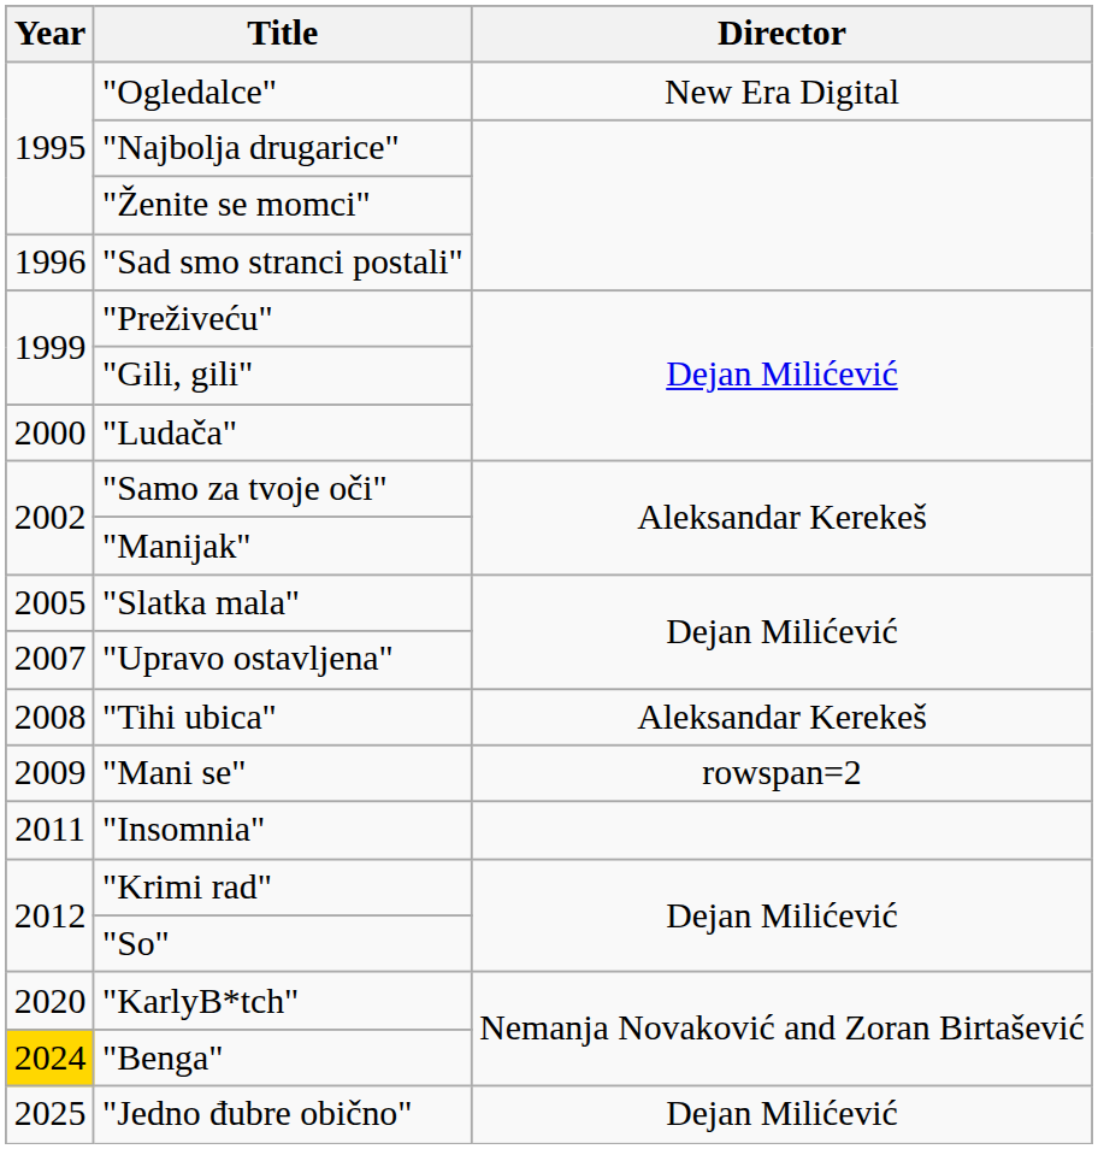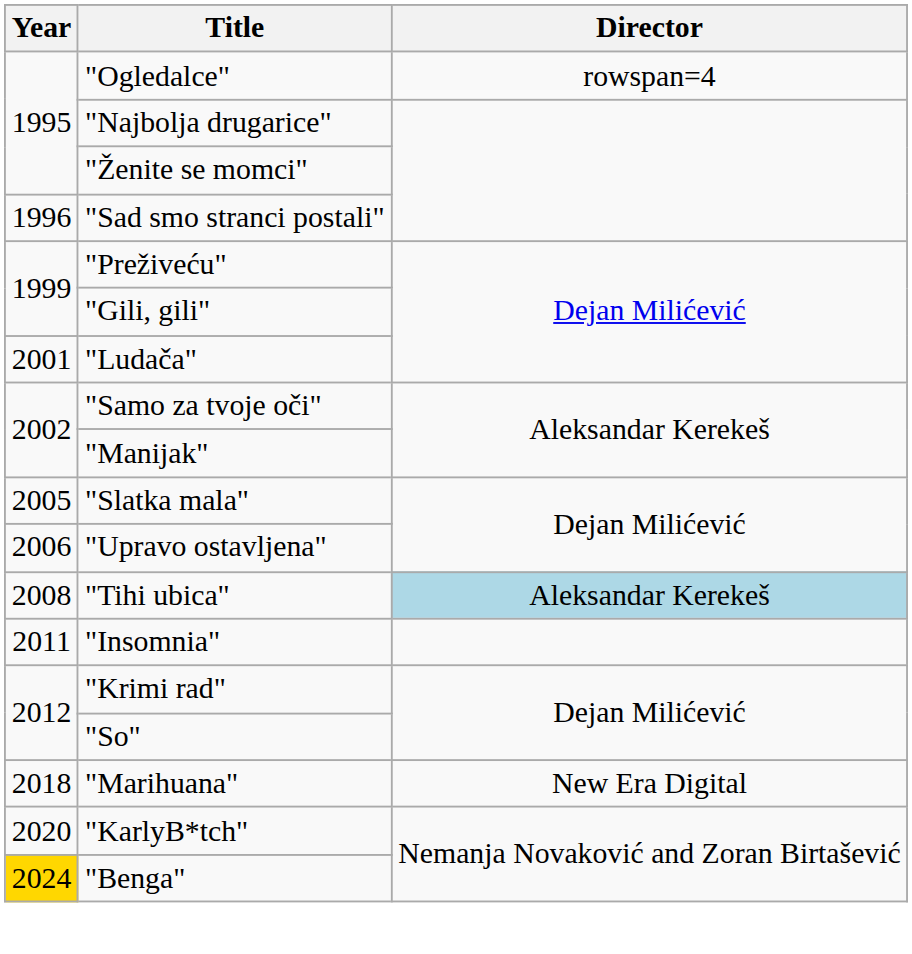 <table class="wikitable plainrowheaders" style="text-align: center;">
 <tr>
 <th>Year</th>
 <th>Title</th>
 <th>Director</th>
 </tr>
 <tr>
 <td rowspan=3>1995</td>
 <td align=left>"Ogledalce"</td>
-<td>New Era Digital</td>
+<td>rowspan=4 </td>
 </tr>
 <tr>
 <td align=left>"Najbolja drugarice"</td>
 </tr>
 <tr>
 <td align=left>"Ženite se momci"</td>
 </tr>
 <tr>
 <td>1996</td>
 <td align=left>"Sad smo stranci postali"</td>
 </tr>
 <tr>
 <td rowspan=2>1999</td>
 <td align=left>"Preživeću"</td>
 <td rowspan=3><a href='#'>Dejan Milićević</a></td>
 </tr>
 <tr>
 <td align=left>"Gili, gili"</td>
 </tr>
 <tr>
-<td>2000</td>
+<td>2001</td>
 <td align=left>"Ludača"</td>
 </tr>
 <tr>
 <td rowspan=2>2002</td>
 <td align=left>"Samo za tvoje oči"</td>
 <td rowspan=2>Aleksandar Kerekeš</td>
 </tr>
 <tr>
 <td align=left>"Manijak"</td>
 </tr>
 <tr>
 <td>2005</td>
 <td align=left>"Slatka mala"</td>
 <td rowspan=2>Dejan Milićević</td>
 </tr>
 <tr>
-<td>2007</td>
+<td>2006</td>
 <td align=left>"Upravo ostavljena"</td>
 </tr>
 <tr>
 <td>2008</td>
 <td align=left>"Tihi ubica"</td>
-<td>Aleksandar Kerekeš</td>
-</tr>
-<tr>
-<td>2009</td>
-<td align=left>"Mani se"</td>
-<td>rowspan=2 </td>
+<td style="background: lightblue;">Aleksandar Kerekeš</td>
 </tr>
 <tr>
 <td>2011</td>
 <td align=left>"Insomnia"</td>
 </tr>
 <tr>
 <td rowspan=2>2012</td>
 <td align=left>"Krimi rad"</td>
 <td rowspan=2>Dejan Milićević</td>
 </tr>
 <tr>
 <td align=left>"So"</td>
 </tr>
 <tr>
+<td>2018</td>
+<td align=left>"Marihuana"</td>
+<td>New Era Digital</td>
+</tr>
+<tr>
 <td>2020</td>
 <td align=left>"KarlyB*tch"</td>
 <td rowspan=2>Nemanja Novaković and Zoran Birtašević</td>
 </tr>
 <tr>
 <td style="background: gold;">2024</td>
 <td align=left>"Benga"</td>
 </tr>
-<tr>
-<td>2025</td>
-<td align=left>"Jedno đubre obično"</td>
-<td>Dejan Milićević</td>
-</tr>
 </table>
